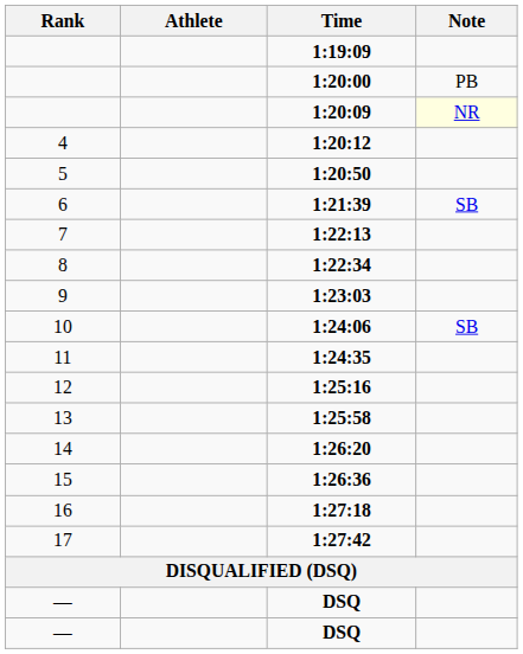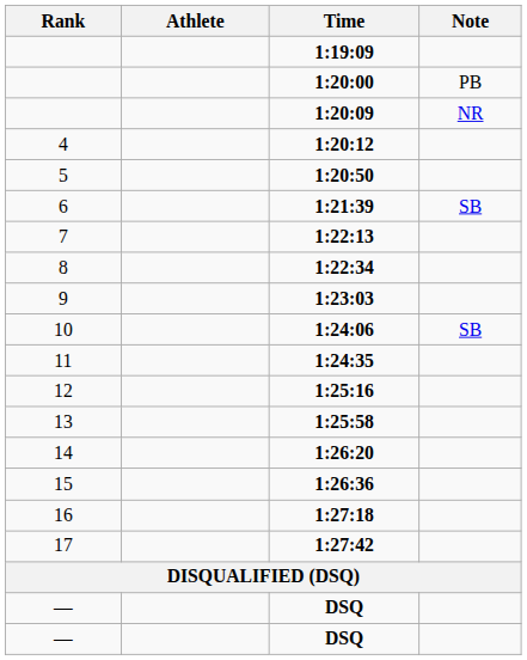 <table class="wikitable" style=" text-align:center; font-size:110%;" width="55%">
 <tr>
 <th>Rank</th>
 <th>Athlete</th>
 <th>Time</th>
 <th>Note</th>
 </tr>
 <tr>
 <td></td>
 <td align=left></td>
 <td><strong>1:19:09</strong></td>
 <td></td>
 </tr>
 <tr>
 <td></td>
 <td align=left></td>
 <td><strong>1:20:00</strong></td>
 <td>PB</td>
 </tr>
 <tr>
 <td></td>
 <td align=left></td>
 <td><strong>1:20:09</strong></td>
-<td style="background: lightyellow;"><a href='#'>NR</a></td>
+<td><a href='#'>NR</a></td>
 </tr>
 <tr>
 <td>4</td>
 <td align=left></td>
 <td><strong>1:20:12</strong></td>
 <td></td>
 </tr>
 <tr>
 <td>5</td>
 <td align=left></td>
 <td><strong>1:20:50</strong></td>
 <td></td>
 </tr>
 <tr>
 <td>6</td>
 <td align=left></td>
 <td><strong>1:21:39</strong></td>
 <td><a href='#'>SB</a></td>
 </tr>
 <tr>
 <td>7</td>
 <td align=left></td>
 <td><strong>1:22:13</strong></td>
 <td></td>
 </tr>
 <tr>
 <td>8</td>
 <td align=left></td>
 <td><strong>1:22:34</strong></td>
 <td></td>
 </tr>
 <tr>
 <td>9</td>
 <td align=left></td>
 <td><strong>1:23:03</strong></td>
 <td></td>
 </tr>
 <tr>
 <td>10</td>
 <td align=left></td>
 <td><strong>1:24:06</strong></td>
 <td><a href='#'>SB</a></td>
 </tr>
 <tr>
 <td>11</td>
 <td align=left></td>
 <td><strong>1:24:35</strong></td>
 <td></td>
 </tr>
 <tr>
 <td>12</td>
 <td align=left></td>
 <td><strong>1:25:16</strong></td>
 <td></td>
 </tr>
 <tr>
 <td>13</td>
 <td align=left></td>
 <td><strong>1:25:58</strong></td>
 <td></td>
 </tr>
 <tr>
 <td>14</td>
 <td align=left></td>
 <td><strong>1:26:20</strong></td>
 <td></td>
 </tr>
 <tr>
 <td>15</td>
 <td align=left></td>
 <td><strong>1:26:36</strong></td>
 <td></td>
 </tr>
 <tr>
 <td>16</td>
 <td align=left></td>
 <td><strong>1:27:18</strong></td>
 <td></td>
 </tr>
 <tr>
 <td>17</td>
 <td align=left></td>
 <td><strong>1:27:42</strong></td>
 <td></td>
 </tr>
 <tr>
 <th colspan="4">DISQUALIFIED (DSQ)</th>
 </tr>
 <tr>
 <td>—</td>
 <td align=left></td>
 <td><strong>DSQ </strong></td>
 <td></td>
 </tr>
 <tr>
 <td>—</td>
 <td align=left></td>
 <td><strong>DSQ </strong></td>
 <td></td>
 </tr>
 </table>
